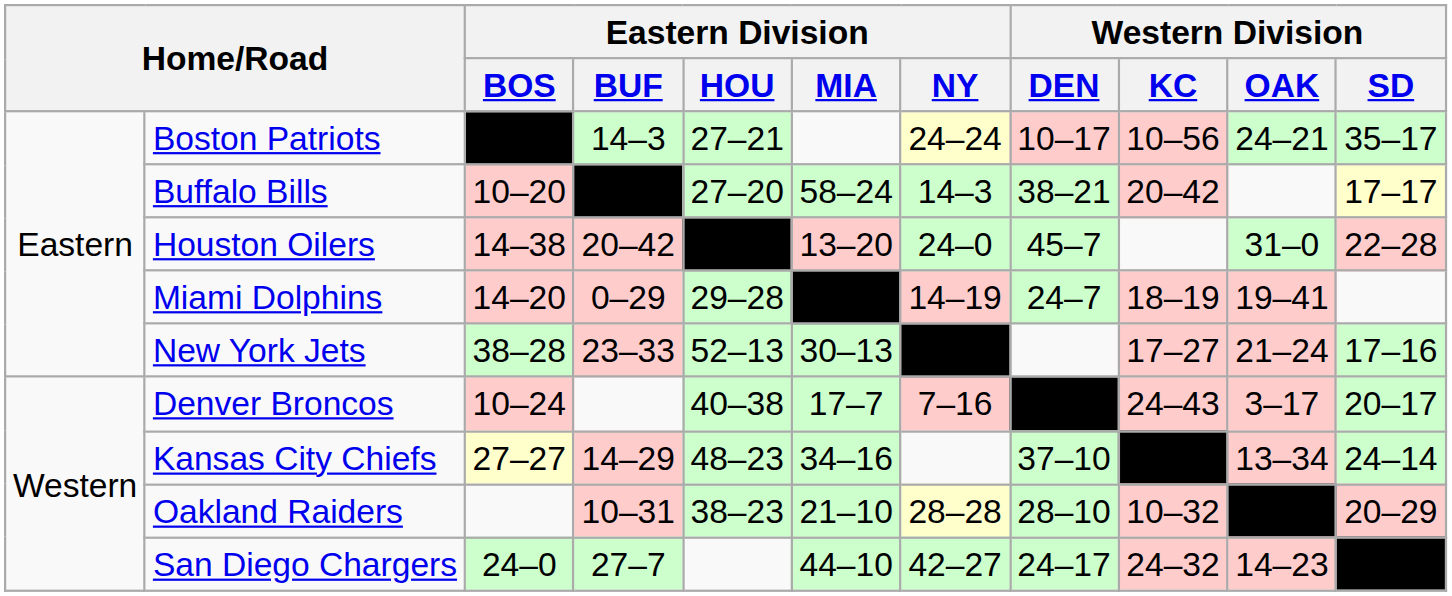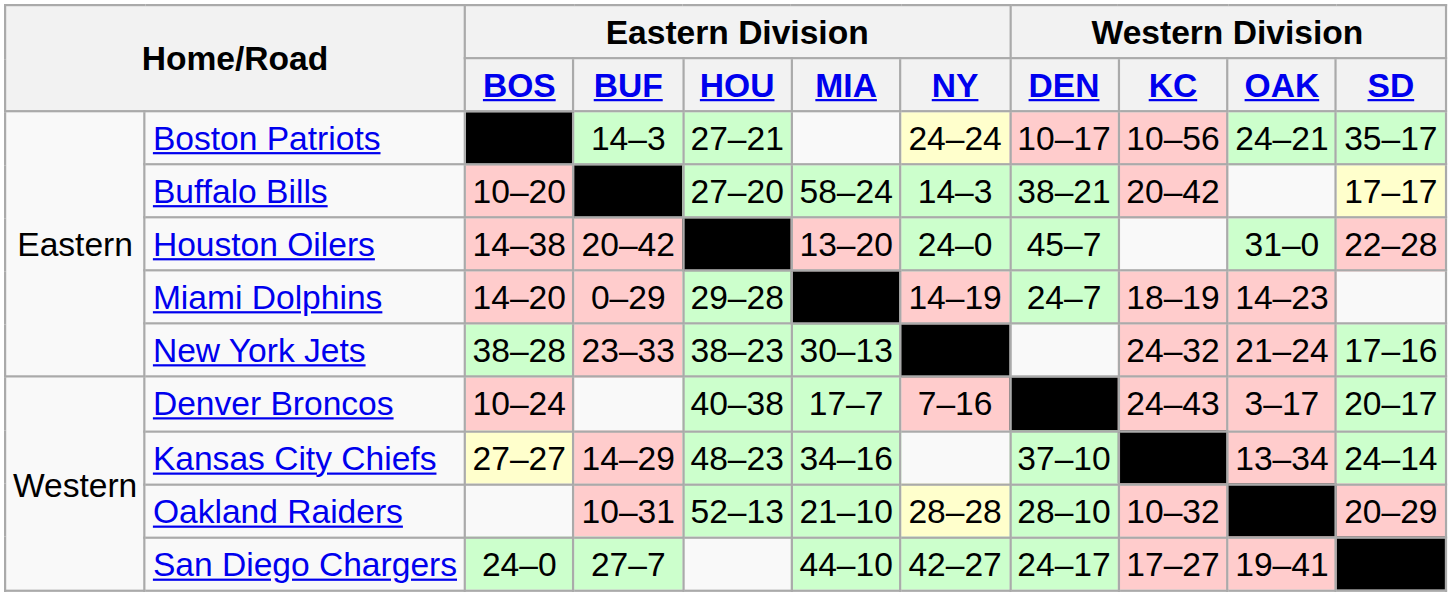 <table class="wikitable" style="font-size:95%; text-align:center">
 <tr>
 <th colspan="2" rowspan=2>Home/Road</th>
 <th colspan="5">Eastern Division</th>
 <th colspan="4">Western Division</th>
 </tr>
 <tr>
 <th><a href='#'>BOS</a></th>
 <th><a href='#'>BUF</a></th>
 <th><a href='#'>HOU</a></th>
 <th><a href='#'>MIA</a></th>
 <th><a href='#'>NY</a></th>
 <th><a href='#'>DEN</a></th>
 <th><a href='#'>KC</a></th>
 <th><a href='#'>OAK</a></th>
 <th><a href='#'>SD</a></th>
 </tr>
 <tr>
 <td rowspan="5">Eastern</td>
 <td align="left"><a href='#'>Boston Patriots</a></td>
 <td style="background:#000"></td>
 <td style="background:#cfc">14–3</td>
 <td style="background:#cfc">27–21</td>
 <td></td>
 <td style="background:#ffc">24–24</td>
 <td style="background:#fcc">10–17</td>
 <td style="background:#fcc">10–56</td>
 <td style="background:#cfc">24–21</td>
 <td style="background:#cfc">35–17</td>
 </tr>
 <tr>
 <td align="left"><a href='#'>Buffalo Bills</a></td>
 <td style="background:#fcc">10–20</td>
 <td style="background:#000"></td>
 <td style="background:#cfc">27–20</td>
 <td style="background:#cfc">58–24</td>
 <td style="background:#cfc">14–3</td>
 <td style="background:#cfc">38–21</td>
 <td style="background:#fcc">20–42</td>
 <td></td>
 <td style="background:#ffc">17–17</td>
 </tr>
 <tr>
 <td align="left"><a href='#'>Houston Oilers</a></td>
 <td style="background:#fcc">14–38</td>
 <td style="background:#fcc">20–42</td>
 <td style="background:#000"></td>
 <td style="background:#fcc">13–20</td>
 <td style="background:#cfc">24–0</td>
 <td style="background:#cfc">45–7</td>
 <td></td>
 <td style="background:#cfc">31–0</td>
 <td style="background:#fcc">22–28</td>
 </tr>
 <tr>
 <td align="left"><a href='#'>Miami Dolphins</a></td>
 <td style="background:#fcc">14–20</td>
 <td style="background:#fcc">0–29</td>
 <td style="background:#cfc">29–28</td>
 <td style="background:#000"></td>
 <td style="background:#fcc">14–19</td>
 <td style="background:#cfc">24–7</td>
 <td style="background:#fcc">18–19</td>
-<td style="background:#fcc">19–41</td>
+<td style="background:#fcc">14–23</td>
 <td></td>
 </tr>
 <tr>
 <td align="left"><a href='#'>New York Jets</a></td>
 <td style="background:#cfc">38–28</td>
 <td style="background:#fcc">23–33</td>
-<td style="background:#cfc">52–13</td>
+<td style="background:#cfc">38–23</td>
 <td style="background:#cfc">30–13</td>
 <td style="background:#000"></td>
 <td></td>
-<td style="background:#fcc">17–27</td>
+<td style="background:#fcc">24–32</td>
 <td style="background:#fcc">21–24</td>
 <td style="background:#cfc">17–16</td>
 </tr>
 <tr>
 <td rowspan="4">Western</td>
 <td align="left"><a href='#'>Denver Broncos</a></td>
 <td style="background:#fcc">10–24</td>
 <td></td>
 <td style="background:#cfc">40–38</td>
 <td style="background:#cfc">17–7</td>
 <td style="background:#fcc">7–16</td>
 <td style="background:#000"></td>
 <td style="background:#fcc">24–43</td>
 <td style="background:#fcc">3–17</td>
 <td style="background:#cfc">20–17</td>
 </tr>
 <tr>
 <td align="left"><a href='#'>Kansas City Chiefs</a></td>
 <td style="background:#ffc">27–27</td>
 <td style="background:#fcc">14–29</td>
 <td style="background:#cfc">48–23</td>
 <td style="background:#cfc">34–16</td>
 <td></td>
 <td style="background:#cfc">37–10</td>
 <td style="background:#000"></td>
 <td style="background:#fcc">13–34</td>
 <td style="background:#cfc">24–14</td>
 </tr>
 <tr>
 <td align="left"><a href='#'>Oakland Raiders</a></td>
 <td></td>
 <td style="background:#fcc">10–31</td>
-<td style="background:#cfc">38–23</td>
+<td style="background:#cfc">52–13</td>
 <td style="background:#cfc">21–10</td>
 <td style="background:#ffc">28–28</td>
 <td style="background:#cfc">28–10</td>
 <td style="background:#fcc">10–32</td>
 <td style="background:#000"></td>
 <td style="background:#fcc">20–29</td>
 </tr>
 <tr>
 <td align="left"><a href='#'>San Diego Chargers</a></td>
 <td style="background:#cfc">24–0</td>
 <td style="background:#cfc">27–7</td>
 <td></td>
 <td style="background:#cfc">44–10</td>
 <td style="background:#cfc">42–27</td>
 <td style="background:#cfc">24–17</td>
-<td style="background:#fcc">24–32</td>
-<td style="background:#fcc">14–23</td>
+<td style="background:#fcc">17–27</td>
+<td style="background:#fcc">19–41</td>
 <td style="background:#000"></td>
 </tr>
 </table>
